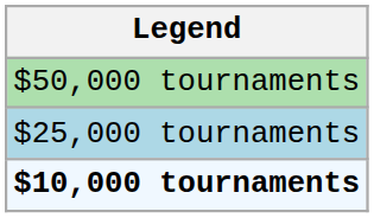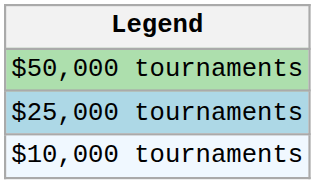 <table class="wikitable" style=font-size:90%;>
 <tr>
 <th>Legend</th>
 </tr>
 <tr style="background:#addfad;">
 <td>$50,000 tournaments</td>
 </tr>
 <tr style="background:lightblue;">
 <td>$25,000 tournaments</td>
 </tr>
 <tr style="background:#f0f8ff;">
-<td><strong>$10,000 tournaments</strong></td>
+<td>$10,000 tournaments</td>
 </tr>
 </table>
